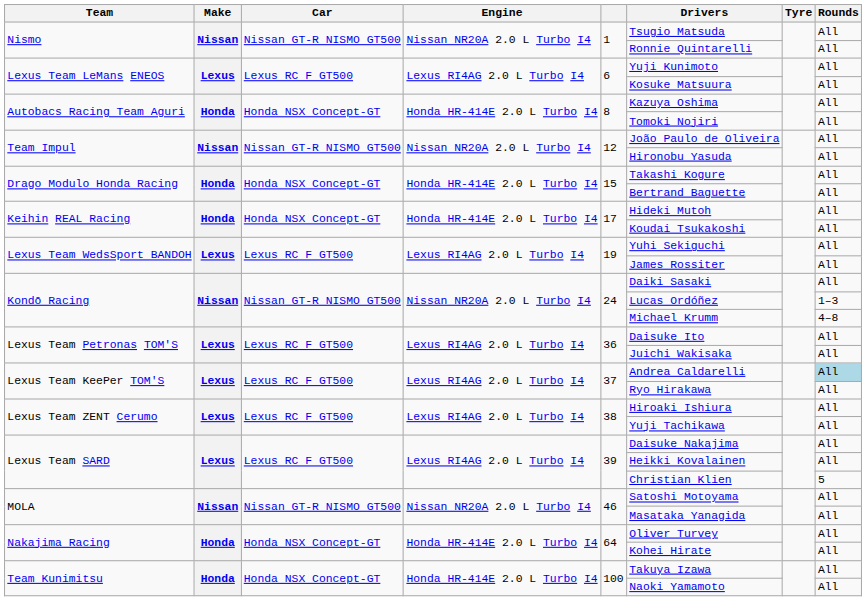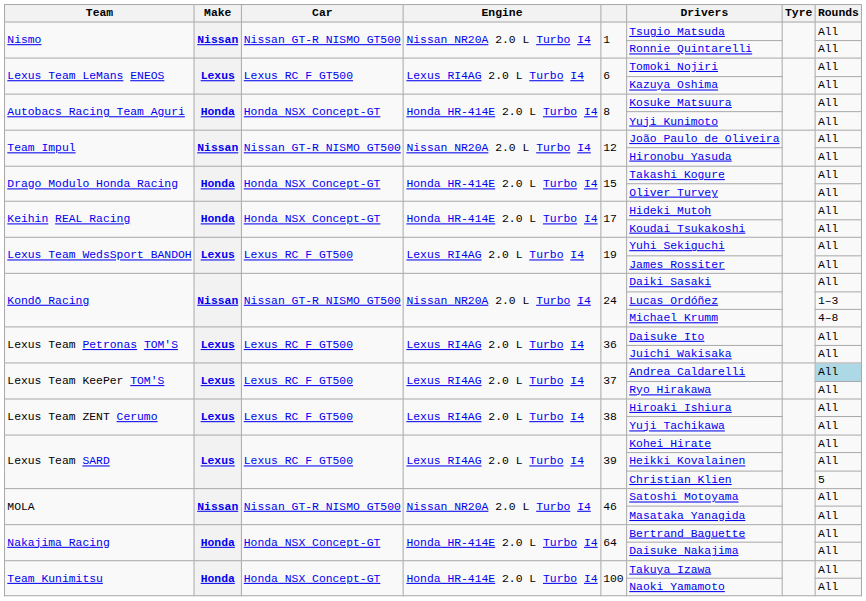 <table class="wikitable" style="font-size: 85%;">
 <tr>
 <th>Team</th>
 <th>Make</th>
 <th>Car</th>
 <th>Engine</th>
 <th></th>
 <th>Drivers</th>
 <th>Tyre</th>
 <th>Rounds</th>
 </tr>
 <tr>
 <td rowspan=2> <a href='#'>Nismo</a></td>
 <th rowspan=2><a href='#'>Nissan</a></th>
 <td rowspan=2><a href='#'>Nissan GT-R NISMO GT500</a></td>
 <td rowspan=2><a href='#'>Nissan NR20A</a> 2.0 L <a href='#'>Turbo</a> <a href='#'>I4</a></td>
 <td rowspan=2>1</td>
 <td> <a href='#'>Tsugio Matsuda</a></td>
 <td align=center rowspan=2></td>
 <td>All</td>
 </tr>
 <tr>
 <td> <a href='#'>Ronnie Quintarelli</a></td>
 <td>All</td>
 </tr>
 <tr>
 <td rowspan=2> <a href='#'>Lexus Team LeMans</a> <a href='#'>ENEOS</a></td>
 <th rowspan=2><a href='#'>Lexus</a></th>
 <td rowspan=2><a href='#'>Lexus RC F GT500</a></td>
 <td rowspan=2><a href='#'>Lexus RI4AG</a> 2.0 L <a href='#'>Turbo</a> <a href='#'>I4</a></td>
 <td rowspan=2>6</td>
-<td> <a href='#'>Yuji Kunimoto</a></td>
+<td> <a href='#'>Tomoki Nojiri</a></td>
 <td align=center rowspan=2></td>
 <td>All</td>
 </tr>
 <tr>
-<td> <a href='#'>Kosuke Matsuura</a></td>
+<td> <a href='#'>Kazuya Oshima</a></td>
 <td>All</td>
 </tr>
 <tr>
 <td rowspan=2> <a href='#'>Autobacs Racing Team Aguri</a></td>
 <th rowspan=2><a href='#'>Honda</a></th>
 <td rowspan=2><a href='#'>Honda NSX Concept-GT</a></td>
 <td rowspan=2><a href='#'>Honda HR-414E</a> 2.0 L <a href='#'>Turbo</a> <a href='#'>I4</a></td>
 <td rowspan=2>8</td>
-<td> <a href='#'>Kazuya Oshima</a></td>
+<td> <a href='#'>Kosuke Matsuura</a></td>
 <td align=center rowspan=2></td>
 <td>All</td>
 </tr>
 <tr>
-<td> <a href='#'>Tomoki Nojiri</a></td>
+<td> <a href='#'>Yuji Kunimoto</a></td>
 <td>All</td>
 </tr>
 <tr>
 <td rowspan=2> <a href='#'>Team Impul</a></td>
 <th rowspan=2><a href='#'>Nissan</a></th>
 <td rowspan=2><a href='#'>Nissan GT-R NISMO GT500</a></td>
 <td rowspan=2><a href='#'>Nissan NR20A</a> 2.0 L <a href='#'>Turbo</a> <a href='#'>I4</a></td>
 <td rowspan=2>12</td>
 <td> <a href='#'>João Paulo de Oliveira</a></td>
 <td align=center rowspan=2></td>
 <td>All</td>
 </tr>
 <tr>
 <td> <a href='#'>Hironobu Yasuda</a></td>
 <td>All</td>
 </tr>
 <tr>
 <td rowspan=2> <a href='#'>Drago Modulo Honda Racing</a></td>
 <th rowspan=2><a href='#'>Honda</a></th>
 <td rowspan=2><a href='#'>Honda NSX Concept-GT</a></td>
 <td rowspan=2><a href='#'>Honda HR-414E</a> 2.0 L <a href='#'>Turbo</a> <a href='#'>I4</a></td>
 <td rowspan=2>15</td>
 <td> <a href='#'>Takashi Kogure</a></td>
 <td align=center rowspan=2></td>
 <td>All</td>
 </tr>
 <tr>
-<td> <a href='#'>Bertrand Baguette</a></td>
+<td> <a href='#'>Oliver Turvey</a></td>
 <td>All</td>
 </tr>
 <tr>
 <td rowspan=2> <a href='#'>Keihin</a> <a href='#'>REAL Racing</a></td>
 <th rowspan=2><a href='#'>Honda</a></th>
 <td rowspan=2><a href='#'>Honda NSX Concept-GT</a></td>
 <td rowspan=2><a href='#'>Honda HR-414E</a> 2.0 L <a href='#'>Turbo</a> <a href='#'>I4</a></td>
 <td rowspan=2>17</td>
 <td> <a href='#'>Hideki Mutoh</a></td>
 <td align=center rowspan=2></td>
 <td>All</td>
 </tr>
 <tr>
 <td> <a href='#'>Koudai Tsukakoshi</a></td>
 <td>All</td>
 </tr>
 <tr>
 <td rowspan=2> <a href='#'>Lexus Team WedsSport BANDOH</a></td>
 <th rowspan=2><a href='#'>Lexus</a></th>
 <td rowspan=2><a href='#'>Lexus RC F GT500</a></td>
 <td rowspan=2><a href='#'>Lexus RI4AG</a> 2.0 L <a href='#'>Turbo</a> <a href='#'>I4</a></td>
 <td rowspan=2>19</td>
 <td> <a href='#'>Yuhi Sekiguchi</a></td>
 <td align=center rowspan=2></td>
 <td>All</td>
 </tr>
 <tr>
 <td> <a href='#'>James Rossiter</a></td>
 <td>All</td>
 </tr>
 <tr>
 <td rowspan=3> <a href='#'>Kondō Racing</a></td>
 <th rowspan=3><a href='#'>Nissan</a></th>
 <td rowspan=3><a href='#'>Nissan GT-R NISMO GT500</a></td>
 <td rowspan=3><a href='#'>Nissan NR20A</a> 2.0 L <a href='#'>Turbo</a> <a href='#'>I4</a></td>
 <td rowspan=3>24</td>
 <td> <a href='#'>Daiki Sasaki</a></td>
 <td align=center rowspan=3></td>
 <td>All</td>
 </tr>
 <tr>
 <td> <a href='#'>Lucas Ordóñez</a></td>
 <td>1–3</td>
 </tr>
 <tr>
 <td> <a href='#'>Michael Krumm</a></td>
 <td>4–8</td>
 </tr>
 <tr>
 <td rowspan=2> Lexus Team <a href='#'>Petronas</a> <a href='#'>TOM'S</a></td>
 <th rowspan=2><a href='#'>Lexus</a></th>
 <td rowspan=2><a href='#'>Lexus RC F GT500</a></td>
 <td rowspan=2><a href='#'>Lexus RI4AG</a> 2.0 L <a href='#'>Turbo</a> <a href='#'>I4</a></td>
 <td rowspan=2>36</td>
 <td> <a href='#'>Daisuke Ito</a></td>
 <td align=center rowspan=2></td>
 <td>All</td>
 </tr>
 <tr>
 <td> <a href='#'>Juichi Wakisaka</a></td>
 <td>All</td>
 </tr>
 <tr>
 <td rowspan=2> Lexus Team KeePer <a href='#'>TOM'S</a></td>
 <th rowspan=2><a href='#'>Lexus</a></th>
 <td rowspan=2><a href='#'>Lexus RC F GT500</a></td>
 <td rowspan=2><a href='#'>Lexus RI4AG</a> 2.0 L <a href='#'>Turbo</a> <a href='#'>I4</a></td>
 <td rowspan=2>37</td>
 <td> <a href='#'>Andrea Caldarelli</a></td>
 <td align=center rowspan=2></td>
 <td style="background: lightblue;">All</td>
 </tr>
 <tr>
 <td> <a href='#'>Ryo Hirakawa</a></td>
 <td>All</td>
 </tr>
 <tr>
 <td rowspan=2> Lexus Team ZENT <a href='#'>Cerumo</a></td>
 <th rowspan=2><a href='#'>Lexus</a></th>
 <td rowspan=2><a href='#'>Lexus RC F GT500</a></td>
 <td rowspan=2><a href='#'>Lexus RI4AG</a> 2.0 L <a href='#'>Turbo</a> <a href='#'>I4</a></td>
 <td rowspan=2>38</td>
 <td> <a href='#'>Hiroaki Ishiura</a></td>
 <td align=center rowspan=2></td>
 <td>All</td>
 </tr>
 <tr>
 <td> <a href='#'>Yuji Tachikawa</a></td>
 <td>All</td>
 </tr>
 <tr>
 <td rowspan=3> Lexus Team <a href='#'>SARD</a></td>
 <th rowspan=3><a href='#'>Lexus</a></th>
 <td rowspan=3><a href='#'>Lexus RC F GT500</a></td>
 <td rowspan=3><a href='#'>Lexus RI4AG</a> 2.0 L <a href='#'>Turbo</a> <a href='#'>I4</a></td>
 <td rowspan=3>39</td>
-<td> <a href='#'>Daisuke Nakajima</a></td>
+<td> <a href='#'>Kohei Hirate</a></td>
 <td align=center rowspan=3></td>
 <td>All</td>
 </tr>
 <tr>
 <td> <a href='#'>Heikki Kovalainen</a></td>
 <td>All</td>
 </tr>
 <tr>
 <td> <a href='#'>Christian Klien</a></td>
 <td>5</td>
 </tr>
 <tr>
 <td rowspan=2> MOLA</td>
 <th rowspan=2><a href='#'>Nissan</a></th>
 <td rowspan=2><a href='#'>Nissan GT-R NISMO GT500</a></td>
 <td rowspan=2><a href='#'>Nissan NR20A</a> 2.0 L <a href='#'>Turbo</a> <a href='#'>I4</a></td>
 <td rowspan=2>46</td>
 <td> <a href='#'>Satoshi Motoyama</a></td>
 <td align=center rowspan=2></td>
 <td>All</td>
 </tr>
 <tr>
 <td> <a href='#'>Masataka Yanagida</a></td>
 <td>All</td>
 </tr>
 <tr>
 <td rowspan=2> <a href='#'>Nakajima Racing</a></td>
 <th rowspan=2><a href='#'>Honda</a></th>
 <td rowspan=2><a href='#'>Honda NSX Concept-GT</a></td>
 <td rowspan=2><a href='#'>Honda HR-414E</a> 2.0 L <a href='#'>Turbo</a> <a href='#'>I4</a></td>
 <td rowspan=2>64</td>
-<td> <a href='#'>Oliver Turvey</a></td>
+<td> <a href='#'>Bertrand Baguette</a></td>
 <td align=center rowspan=2></td>
 <td>All</td>
 </tr>
 <tr>
-<td> <a href='#'>Kohei Hirate</a></td>
+<td> <a href='#'>Daisuke Nakajima</a></td>
 <td>All</td>
 </tr>
 <tr>
 <td rowspan=2> <a href='#'>Team Kunimitsu</a></td>
 <th rowspan=2><a href='#'>Honda</a></th>
 <td rowspan=2><a href='#'>Honda NSX Concept-GT</a></td>
 <td rowspan=2><a href='#'>Honda HR-414E</a> 2.0 L <a href='#'>Turbo</a> <a href='#'>I4</a></td>
 <td rowspan=2>100</td>
 <td> <a href='#'>Takuya Izawa</a></td>
 <td align=center rowspan=2></td>
 <td>All</td>
 </tr>
 <tr>
 <td> <a href='#'>Naoki Yamamoto</a></td>
 <td>All</td>
 </tr>
 </table>
